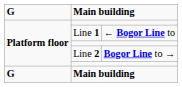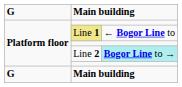 <table class="wikitable">
 <tr>
 <td><strong>G</strong></td>
 <td colspan="2"><strong>Main building</strong></td>
 </tr>
 <tr>
 <td rowspan="5"><strong>Platform floor</strong></td>
 <td colspan="2"></td>
 </tr>
 <tr>
-<td>Line <strong>1</strong></td>
+<td style="background: khaki;">Line <strong>1</strong></td>
 <td>←   <strong><a href='#'>Bogor Line</a></strong> to </td>
 </tr>
 <tr>
 <td colspan="2"></td>
 </tr>
 <tr>
 <td>Line <strong>2</strong></td>
-<td> <strong><a href='#'>Bogor Line</a></strong> to   →</td>
+<td style="background: paleturquoise;"> <strong><a href='#'>Bogor Line</a></strong> to   →</td>
 </tr>
 <tr>
 <td colspan="2"></td>
 </tr>
 <tr>
 <td><strong>G</strong></td>
 <td colspan="2"><strong>Main building</strong></td>
 </tr>
 </table>
